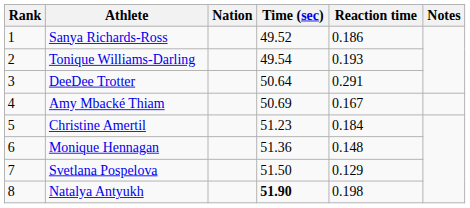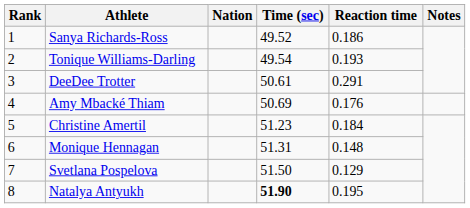 <table class="wikitable" style="text=align:center;" width=85%>
 <tr>
 <th>Rank</th>
 <th>Athlete</th>
 <th>Nation</th>
 <th>Time (<a href='#'>sec</a>)</th>
 <th>Reaction time</th>
 <th>Notes</th>
 </tr>
 <tr>
 <td>1</td>
 <td><a href='#'>Sanya Richards-Ross</a></td>
 <td></td>
 <td>49.52</td>
 <td>0.186</td>
 </tr>
 <tr>
 <td>2</td>
 <td><a href='#'>Tonique Williams-Darling</a></td>
 <td></td>
 <td>49.54</td>
 <td>0.193</td>
 </tr>
 <tr>
 <td>3</td>
 <td><a href='#'>DeeDee Trotter</a></td>
 <td></td>
-<td>50.64</td>
+<td>50.61</td>
 <td>0.291</td>
 </tr>
 <tr>
 <td>4</td>
 <td><a href='#'>Amy Mbacké Thiam</a></td>
 <td></td>
 <td>50.69</td>
-<td>0.167</td>
+<td>0.176</td>
 <td></td>
 </tr>
 <tr>
 <td>5</td>
 <td><a href='#'>Christine Amertil</a></td>
 <td></td>
 <td>51.23</td>
 <td>0.184</td>
 </tr>
 <tr>
 <td>6</td>
 <td><a href='#'>Monique Hennagan</a></td>
 <td></td>
-<td>51.36</td>
+<td>51.31</td>
 <td>0.148</td>
 </tr>
 <tr>
 <td>7</td>
 <td><a href='#'>Svetlana Pospelova</a></td>
 <td></td>
 <td>51.50</td>
 <td>0.129</td>
 </tr>
 <tr>
 <td>8</td>
 <td><a href='#'>Natalya Antyukh</a></td>
 <td></td>
 <td><strong>51.90</strong></td>
-<td>0.198</td>
+<td>0.195</td>
 </tr>
 </table>
